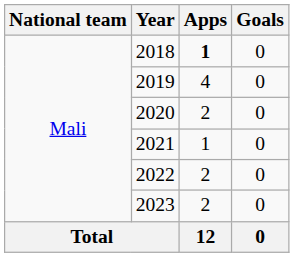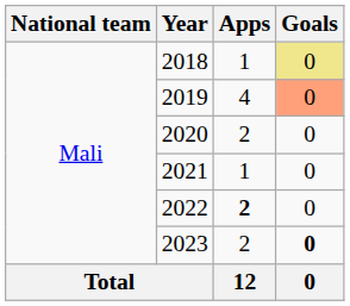 <table class="wikitable" style="text-align:center">
 <tr>
 <th>National team</th>
 <th>Year</th>
 <th>Apps</th>
 <th>Goals</th>
 </tr>
 <tr>
 <td rowspan="6"><a href='#'>Mali</a></td>
 <td>2018</td>
-<td><strong>1</strong></td>
-<td>0</td>
+<td>1</td>
+<td style="background: khaki;">0</td>
 </tr>
 <tr>
 <td>2019</td>
 <td>4</td>
-<td>0</td>
+<td style="background: lightsalmon;">0</td>
 </tr>
 <tr>
 <td>2020</td>
 <td>2</td>
 <td>0</td>
 </tr>
 <tr>
 <td>2021</td>
 <td>1</td>
 <td>0</td>
 </tr>
 <tr>
 <td>2022</td>
-<td>2</td>
+<td><strong>2</strong></td>
 <td>0</td>
 </tr>
 <tr>
 <td>2023</td>
 <td>2</td>
-<td>0</td>
+<td><strong>0</strong></td>
 </tr>
 <tr>
 <th colspan="2">Total</th>
 <th>12</th>
 <th>0</th>
 </tr>
 </table>
